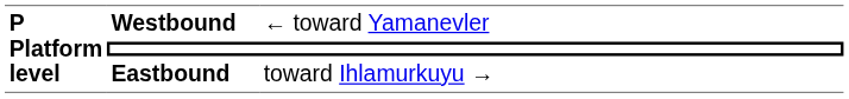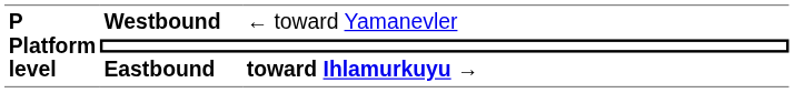 <table border="0" cellspacing="0" cellpadding="3">
 <tr>
 <td rowspan="3" style="border-top:solid 1px gray;border-bottom:solid 1px gray;" width="50" valign="top"><strong>P<br>Platform level</strong></td>
 <td style="border-top:solid 1px gray;" width="100"><strong>Westbound</strong></td>
 <td style="border-top:solid 1px gray;" width="400">←  toward <a href='#'>Yamanevler</a></td>
 </tr>
 <tr>
 <td colspan="2" style="border-top:solid 2px black;border-right:solid 2px black;border-left:solid 2px black;border-bottom:solid 2px black;text-align:center;"></td>
 </tr>
 <tr>
 <td style="border-bottom:solid 1px gray;"><strong>Eastbound</strong></td>
-<td style="border-bottom:solid 1px gray;"> toward <a href='#'>Ihlamurkuyu</a> →</td>
+<td style="border-bottom:solid 1px gray;"><strong> toward <a href='#'>Ihlamurkuyu</a> →</strong></td>
 </tr>
 </table>
